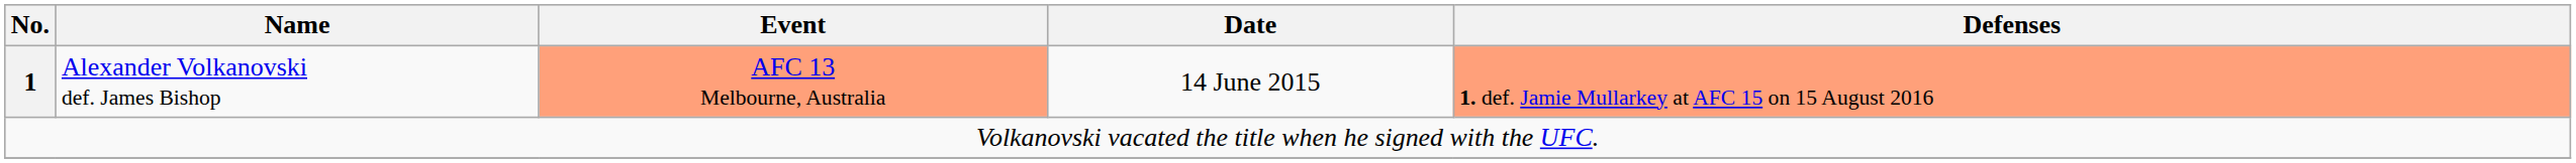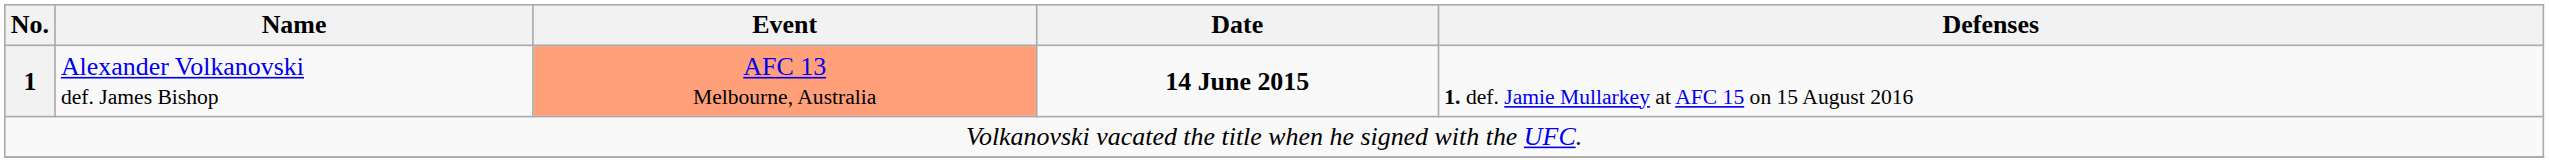 <table class="wikitable">
 <tr>
 <th width=1%>No.</th>
 <th width=19%>Name</th>
 <th width=20%>Event</th>
 <th width=16%>Date</th>
 <th width=44%>Defenses</th>
 </tr>
 <tr>
 <th>1</th>
 <td align=left> <a href='#'>Alexander Volkanovski</a><br><small>def. James Bishop</small></td>
 <td align=center style="background: lightsalmon;"><a href='#'>AFC 13</a><br><small>Melbourne, Australia</small></td>
-<td align=center>14 June 2015</td>
-<td style="background: lightsalmon;"><br><small><strong>1.</strong> def. <a href='#'>Jamie Mullarkey</a> at <a href='#'>AFC 15</a> on 15 August 2016</small></td>
+<td align=center><strong>14 June 2015</strong></td>
+<td><br><small><strong>1.</strong> def. <a href='#'>Jamie Mullarkey</a> at <a href='#'>AFC 15</a> on 15 August 2016</small></td>
 </tr>
 <tr>
 <td align="center" colspan="5"><em>Volkanovski vacated the title when he signed with the <a href='#'>UFC</a>.</em></td>
 </tr>
 <tr>
 </tr>
 </table>
